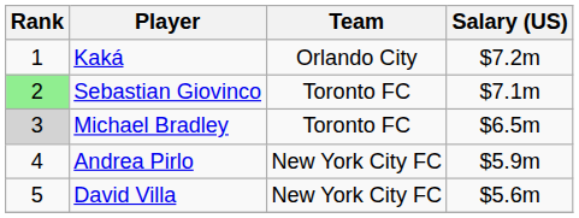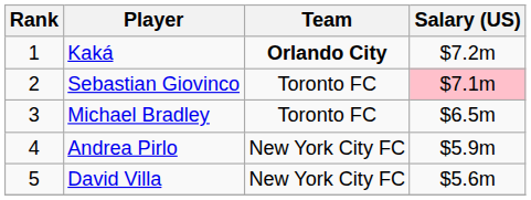 <table class="wikitable" style="text-align: center;">
 <tr>
 <th>Rank</th>
 <th>Player</th>
 <th>Team</th>
 <th>Salary (US)</th>
 </tr>
 <tr>
 <td>1</td>
 <td align=left> <a href='#'>Kaká</a></td>
-<td>Orlando City</td>
+<td><strong>Orlando City</strong></td>
 <td>$7.2m</td>
 </tr>
 <tr>
-<td style="background: lightgreen;">2</td>
+<td>2</td>
 <td align=left> <a href='#'>Sebastian Giovinco</a></td>
 <td>Toronto FC</td>
-<td>$7.1m</td>
+<td style="background: pink;">$7.1m</td>
 </tr>
 <tr>
-<td style="background: lightgrey;">3</td>
+<td>3</td>
 <td align=left> <a href='#'>Michael Bradley</a></td>
 <td>Toronto FC</td>
 <td>$6.5m</td>
 </tr>
 <tr>
 <td>4</td>
 <td align=left> <a href='#'>Andrea Pirlo</a></td>
 <td>New York City FC</td>
 <td>$5.9m</td>
 </tr>
 <tr>
 <td>5</td>
 <td align=left> <a href='#'>David Villa</a></td>
 <td>New York City FC</td>
 <td>$5.6m</td>
 </tr>
 <tr>
 </tr>
 </table>
